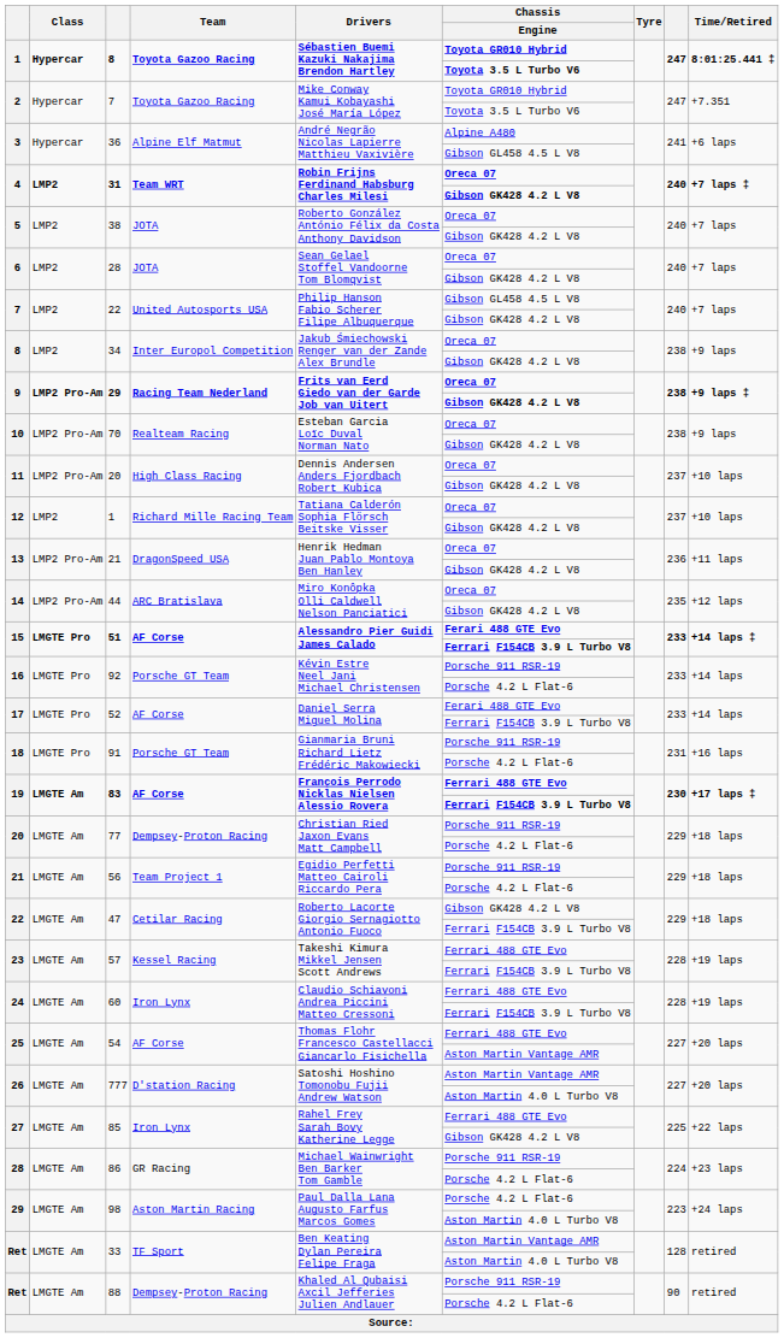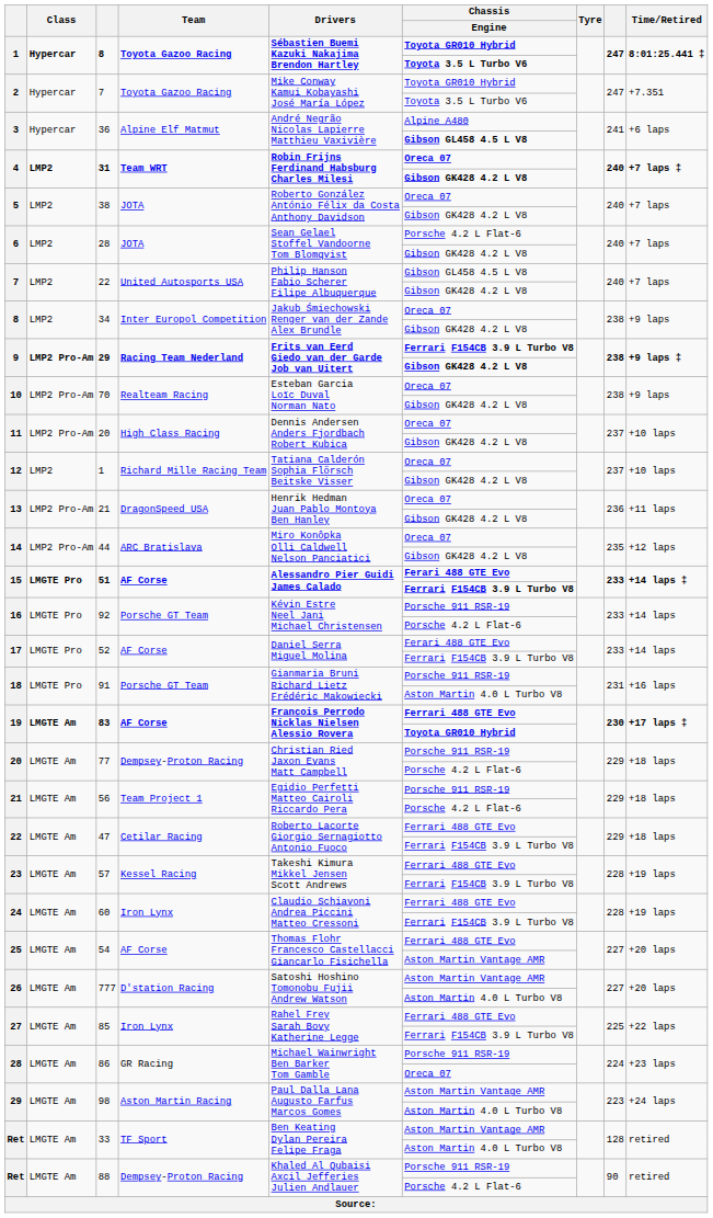 <table class="wikitable" style="font-size:95%;">
 <tr>
 <th rowspan=2></th>
 <th rowspan=2>Class</th>
 <th rowspan=2></th>
 <th rowspan=2>Team</th>
 <th rowspan=2>Drivers</th>
 <th>Chassis</th>
 <th rowspan=2>Tyre</th>
 <th rowspan=2></th>
 <th rowspan=2>Time/Retired</th>
 </tr>
 <tr>
 <th>Engine</th>
 </tr>
 <tr>
 <th rowspan=2><strong>1</strong></th>
 <td rowspan=2><strong>Hypercar</strong></td>
 <td rowspan=2><strong>8</strong></td>
 <td rowspan=2><strong> <a href='#'>Toyota Gazoo Racing</a></strong></td>
 <td rowspan=2><strong> <a href='#'>Sébastien Buemi</a><br> <a href='#'>Kazuki Nakajima</a><br> <a href='#'>Brendon Hartley</a></strong></td>
 <td><strong><a href='#'>Toyota GR010 Hybrid</a></strong></td>
 <td rowspan=2></td>
 <td rowspan=2><strong>247</strong></td>
 <td rowspan=2><strong>8:01:25.441</strong> <strong>‡</strong></td>
 </tr>
 <tr>
 <td><strong><a href='#'>Toyota</a> 3.5 L Turbo V6</strong></td>
 </tr>
 <tr>
 <th rowspan=2>2</th>
 <td rowspan=2>Hypercar</td>
 <td rowspan=2>7</td>
 <td rowspan=2> <a href='#'>Toyota Gazoo Racing</a></td>
 <td rowspan=2> <a href='#'>Mike Conway</a> <br>  <a href='#'>Kamui Kobayashi</a> <br>  <a href='#'>José María López</a></td>
 <td><a href='#'>Toyota GR010 Hybrid</a></td>
 <td rowspan=2></td>
 <td rowspan=2>247</td>
 <td rowspan=2>+7.351</td>
 </tr>
 <tr>
 <td><a href='#'>Toyota</a> 3.5 L Turbo V6</td>
 </tr>
 <tr>
 <th rowspan=2>3</th>
 <td rowspan=2>Hypercar</td>
 <td rowspan=2>36</td>
 <td rowspan=2> <a href='#'>Alpine Elf Matmut</a></td>
 <td rowspan=2> <a href='#'>André Negrão</a> <br>  <a href='#'>Nicolas Lapierre</a> <br>  <a href='#'>Matthieu Vaxivière</a></td>
 <td><a href='#'>Alpine A480</a></td>
 <td rowspan=2></td>
 <td rowspan=2>241</td>
 <td rowspan=2>+6 laps</td>
 </tr>
 <tr>
-<td><a href='#'>Gibson</a> GL458 4.5 L V8</td>
+<td><strong><a href='#'>Gibson</a> GL458 4.5 L V8</strong></td>
 </tr>
 <tr>
 <th rowspan=2>4</th>
 <td rowspan=2><strong>LMP2</strong></td>
 <td rowspan=2><strong>31</strong></td>
 <td rowspan=2> <strong><a href='#'>Team WRT</a></strong></td>
 <td rowspan=2> <strong><a href='#'>Robin Frijns</a> <br>  <a href='#'>Ferdinand Habsburg</a> <br>  <a href='#'>Charles Milesi</a></strong></td>
 <td><strong><a href='#'>Oreca 07</a></strong></td>
 <td rowspan=2></td>
 <td rowspan=2><strong>240</strong></td>
 <td rowspan=2><strong>+7 laps</strong> <strong>‡</strong></td>
 </tr>
 <tr>
 <td><strong><a href='#'>Gibson</a> GK428 4.2 L V8</strong></td>
 </tr>
 <tr>
 <th rowspan=2>5</th>
 <td rowspan=2>LMP2</td>
 <td rowspan=2>38</td>
 <td rowspan=2> <a href='#'>JOTA</a></td>
 <td rowspan=2> <a href='#'>Roberto González</a> <br>  <a href='#'>António Félix da Costa</a> <br>  <a href='#'>Anthony Davidson</a></td>
 <td><a href='#'>Oreca 07</a></td>
 <td rowspan=2></td>
 <td rowspan=2>240</td>
 <td rowspan=2>+7 laps</td>
 </tr>
 <tr>
 <td><a href='#'>Gibson</a> GK428 4.2 L V8</td>
 </tr>
 <tr>
 <th rowspan=2>6</th>
 <td rowspan=2>LMP2</td>
 <td rowspan=2>28</td>
 <td rowspan=2> <a href='#'>JOTA</a></td>
 <td rowspan=2> <a href='#'>Sean Gelael</a> <br>  <a href='#'>Stoffel Vandoorne</a> <br>  <a href='#'>Tom Blomqvist</a></td>
-<td><a href='#'>Oreca 07</a></td>
+<td><a href='#'>Porsche</a> 4.2 L Flat-6</td>
 <td rowspan=2></td>
 <td rowspan=2>240</td>
 <td rowspan=2>+7 laps</td>
 </tr>
 <tr>
 <td><a href='#'>Gibson</a> GK428 4.2 L V8</td>
 </tr>
 <tr>
 <th rowspan=2>7</th>
 <td rowspan=2>LMP2</td>
 <td rowspan=2>22</td>
 <td rowspan=2> <a href='#'>United Autosports USA</a></td>
 <td rowspan=2> <a href='#'>Philip Hanson</a> <br>  <a href='#'>Fabio Scherer</a> <br>  <a href='#'>Filipe Albuquerque</a></td>
 <td><a href='#'>Gibson</a> GL458 4.5 L V8</td>
 <td rowspan=2></td>
 <td rowspan=2>240</td>
 <td rowspan=2>+7 laps</td>
 </tr>
 <tr>
 <td><a href='#'>Gibson</a> GK428 4.2 L V8</td>
 </tr>
 <tr>
 <th rowspan=2>8</th>
 <td rowspan=2>LMP2</td>
 <td rowspan=2>34</td>
 <td rowspan=2> <a href='#'>Inter Europol Competition</a></td>
 <td rowspan=2> <a href='#'>Jakub Śmiechowski</a> <br>  <a href='#'>Renger van der Zande</a> <br>  <a href='#'>Alex Brundle</a></td>
 <td><a href='#'>Oreca 07</a></td>
 <td rowspan=2></td>
 <td rowspan=2>238</td>
 <td rowspan=2>+9 laps</td>
 </tr>
 <tr>
 <td><a href='#'>Gibson</a> GK428 4.2 L V8</td>
 </tr>
 <tr>
 <th rowspan=2>9</th>
 <td rowspan=2><strong>LMP2 Pro-Am</strong></td>
 <td rowspan=2><strong>29</strong></td>
 <td rowspan=2><strong> <a href='#'>Racing Team Nederland</a></strong></td>
 <td rowspan=2><strong> <a href='#'>Frits van Eerd</a> <br>  <a href='#'>Giedo van der Garde</a> <br>  <a href='#'>Job van Uitert</a></strong></td>
-<td><strong><a href='#'>Oreca 07</a></strong></td>
+<td><strong><a href='#'>Ferrari</a> <a href='#'>F154CB</a> 3.9 L Turbo V8</strong></td>
 <td rowspan=2></td>
 <td rowspan=2><strong>238</strong></td>
 <td rowspan=2><strong>+9 laps</strong> <strong>‡</strong></td>
 </tr>
 <tr>
 <td><strong><a href='#'>Gibson</a> GK428 4.2 L V8</strong></td>
 </tr>
 <tr>
 <th rowspan=2>10</th>
 <td rowspan=2>LMP2 Pro-Am</td>
 <td rowspan=2>70</td>
 <td rowspan=2> <a href='#'>Realteam Racing</a></td>
 <td rowspan=2> Esteban Garcia <br>  <a href='#'>Loïc Duval</a> <br>  <a href='#'>Norman Nato</a></td>
 <td><a href='#'>Oreca 07</a></td>
 <td rowspan=2></td>
 <td rowspan=2>238</td>
 <td rowspan=2>+9 laps</td>
 </tr>
 <tr>
 <td><a href='#'>Gibson</a> GK428 4.2 L V8</td>
 </tr>
 <tr>
 <th rowspan=2>11</th>
 <td rowspan=2>LMP2 Pro-Am</td>
 <td rowspan=2>20</td>
 <td rowspan=2> <a href='#'>High Class Racing</a></td>
 <td rowspan=2> Dennis Andersen <br>  <a href='#'>Anders Fjordbach</a> <br>  <a href='#'>Robert Kubica</a></td>
 <td><a href='#'>Oreca 07</a></td>
 <td rowspan=2></td>
 <td rowspan=2>237</td>
 <td rowspan=2>+10 laps</td>
 </tr>
 <tr>
 <td><a href='#'>Gibson</a> GK428 4.2 L V8</td>
 </tr>
 <tr>
 <th rowspan=2>12</th>
 <td rowspan=2>LMP2</td>
 <td rowspan=2>1</td>
 <td rowspan=2> <a href='#'>Richard Mille Racing Team</a></td>
 <td rowspan=2> <a href='#'>Tatiana Calderón</a> <br>  <a href='#'>Sophia Flörsch</a> <br>  <a href='#'>Beitske Visser</a></td>
 <td><a href='#'>Oreca 07</a></td>
 <td rowspan=2></td>
 <td rowspan=2>237</td>
 <td rowspan=2>+10 laps</td>
 </tr>
 <tr>
 <td><a href='#'>Gibson</a> GK428 4.2 L V8</td>
 </tr>
 <tr>
 <th rowspan=2>13</th>
 <td rowspan=2>LMP2 Pro-Am</td>
 <td rowspan=2>21</td>
 <td rowspan=2> <a href='#'>DragonSpeed USA</a></td>
 <td rowspan=2> Henrik Hedman <br>  <a href='#'>Juan Pablo Montoya</a> <br>  <a href='#'>Ben Hanley</a></td>
 <td><a href='#'>Oreca 07</a></td>
 <td rowspan=2></td>
 <td rowspan=2>236</td>
 <td rowspan=2>+11 laps</td>
 </tr>
 <tr>
 <td><a href='#'>Gibson</a> GK428 4.2 L V8</td>
 </tr>
 <tr>
 <th rowspan=2>14</th>
 <td rowspan=2>LMP2 Pro-Am</td>
 <td rowspan=2>44</td>
 <td rowspan=2> <a href='#'>ARC Bratislava</a></td>
 <td rowspan=2> <a href='#'>Miro Konôpka</a> <br>  <a href='#'>Olli Caldwell</a> <br>  <a href='#'>Nelson Panciatici</a></td>
 <td><a href='#'>Oreca 07</a></td>
 <td rowspan=2></td>
 <td rowspan=2>235</td>
 <td rowspan=2>+12 laps</td>
 </tr>
 <tr>
 <td><a href='#'>Gibson</a> GK428 4.2 L V8</td>
 </tr>
 <tr>
 <th rowspan=2>15</th>
 <td rowspan=2><strong>LMGTE Pro</strong></td>
 <td rowspan=2><strong>51</strong></td>
 <td rowspan=2><strong> <a href='#'>AF Corse</a></strong></td>
 <td rowspan=2><strong> <a href='#'>Alessandro Pier Guidi</a> <br>  <a href='#'>James Calado</a></strong></td>
 <td><strong><a href='#'>Ferari 488 GTE Evo</a></strong></td>
 <td rowspan=2></td>
 <td rowspan=2><strong>233</strong></td>
 <td rowspan=2><strong>+14 laps</strong> <strong>‡</strong></td>
 </tr>
 <tr>
 <td><strong><a href='#'>Ferrari</a> <a href='#'>F154CB</a> 3.9 L Turbo V8</strong></td>
 </tr>
 <tr>
 <th rowspan=2>16</th>
 <td rowspan=2>LMGTE Pro</td>
 <td rowspan=2>92</td>
 <td rowspan=2> <a href='#'>Porsche GT Team</a></td>
 <td rowspan=2> <a href='#'>Kévin Estre</a> <br>  <a href='#'>Neel Jani</a> <br>  <a href='#'>Michael Christensen</a></td>
 <td><a href='#'>Porsche 911 RSR-19</a></td>
 <td rowspan=2></td>
 <td rowspan=2>233</td>
 <td rowspan=2>+14 laps</td>
 </tr>
 <tr>
 <td><a href='#'>Porsche</a> 4.2 L Flat-6</td>
 </tr>
 <tr>
 <th rowspan=2>17</th>
 <td rowspan=2>LMGTE Pro</td>
 <td rowspan=2>52</td>
 <td rowspan=2> <a href='#'>AF Corse</a></td>
 <td rowspan=2> <a href='#'>Daniel Serra</a> <br>  <a href='#'>Miguel Molina</a></td>
 <td><a href='#'>Ferari 488 GTE Evo</a></td>
 <td rowspan=2></td>
 <td rowspan=2>233</td>
 <td rowspan=2>+14 laps</td>
 </tr>
 <tr>
 <td><a href='#'>Ferrari</a> <a href='#'>F154CB</a> 3.9 L Turbo V8</td>
 </tr>
 <tr>
 <th rowspan=2>18</th>
 <td rowspan=2>LMGTE Pro</td>
 <td rowspan=2>91</td>
 <td rowspan=2> <a href='#'>Porsche GT Team</a></td>
 <td rowspan=2> <a href='#'>Gianmaria Bruni</a> <br>  <a href='#'>Richard Lietz</a> <br>  <a href='#'>Frédéric Makowiecki</a></td>
 <td><a href='#'>Porsche 911 RSR-19</a></td>
 <td rowspan=2></td>
 <td rowspan=2>231</td>
 <td rowspan=2>+16 laps</td>
 </tr>
 <tr>
-<td><a href='#'>Porsche</a> 4.2 L Flat-6</td>
+<td><a href='#'>Aston Martin</a> 4.0 L Turbo V8</td>
 </tr>
 <tr>
 <th rowspan=2>19</th>
 <td rowspan=2><strong>LMGTE Am</strong></td>
 <td rowspan=2><strong>83</strong></td>
 <td rowspan=2><strong> <a href='#'>AF Corse</a></strong></td>
 <td rowspan=2><strong> <a href='#'>François Perrodo</a> <br>  <a href='#'>Nicklas Nielsen</a> <br>  <a href='#'>Alessio Rovera</a></strong></td>
 <td><strong><a href='#'>Ferrari 488 GTE Evo</a></strong></td>
 <td rowspan=2></td>
 <td rowspan=2><strong>230</strong></td>
 <td rowspan=2><strong>+17 laps</strong> <strong>‡</strong></td>
 </tr>
 <tr>
-<td><strong><a href='#'>Ferrari</a> <a href='#'>F154CB</a> 3.9 L Turbo V8</strong></td>
+<td><strong><a href='#'>Toyota GR010 Hybrid</a></strong></td>
 </tr>
 <tr>
 <th rowspan=2>20</th>
 <td rowspan=2>LMGTE Am</td>
 <td rowspan=2>77</td>
 <td rowspan=2> <a href='#'>Dempsey</a>-<a href='#'>Proton Racing</a></td>
 <td rowspan=2> <a href='#'>Christian Ried</a> <br>  <a href='#'>Jaxon Evans</a> <br>  <a href='#'>Matt Campbell</a></td>
 <td><a href='#'>Porsche 911 RSR-19</a></td>
 <td rowspan=2></td>
 <td rowspan=2>229</td>
 <td rowspan=2>+18 laps</td>
 </tr>
 <tr>
 <td><a href='#'>Porsche</a> 4.2 L Flat-6</td>
 </tr>
 <tr>
 <th rowspan=2>21</th>
 <td rowspan=2>LMGTE Am</td>
 <td rowspan=2>56</td>
 <td rowspan=2> <a href='#'>Team Project 1</a></td>
 <td rowspan=2> <a href='#'>Egidio Perfetti</a> <br>  <a href='#'>Matteo Cairoli</a> <br>  <a href='#'>Riccardo Pera</a></td>
 <td><a href='#'>Porsche 911 RSR-19</a></td>
 <td rowspan=2></td>
 <td rowspan=2>229</td>
 <td rowspan=2>+18 laps</td>
 </tr>
 <tr>
 <td><a href='#'>Porsche</a> 4.2 L Flat-6</td>
 </tr>
 <tr>
 <th rowspan=2>22</th>
 <td rowspan=2>LMGTE Am</td>
 <td rowspan=2>47</td>
 <td rowspan=2> <a href='#'>Cetilar Racing</a></td>
 <td rowspan=2> <a href='#'>Roberto Lacorte</a> <br>  <a href='#'>Giorgio Sernagiotto</a> <br>  <a href='#'>Antonio Fuoco</a></td>
-<td><a href='#'>Gibson</a> GK428 4.2 L V8</td>
+<td><a href='#'>Ferrari 488 GTE Evo</a></td>
 <td rowspan=2></td>
 <td rowspan=2>229</td>
 <td rowspan=2>+18 laps</td>
 </tr>
 <tr>
 <td><a href='#'>Ferrari</a> <a href='#'>F154CB</a> 3.9 L Turbo V8</td>
 </tr>
 <tr>
 <th rowspan=2>23</th>
 <td rowspan=2>LMGTE Am</td>
 <td rowspan=2>57</td>
 <td rowspan=2> <a href='#'>Kessel Racing</a></td>
 <td rowspan=2> Takeshi Kimura <br>  <a href='#'>Mikkel Jensen</a> <br>  Scott Andrews</td>
 <td><a href='#'>Ferrari 488 GTE Evo</a></td>
 <td rowspan=2></td>
 <td rowspan=2>228</td>
 <td rowspan=2>+19 laps</td>
 </tr>
 <tr>
 <td><a href='#'>Ferrari</a> <a href='#'>F154CB</a> 3.9 L Turbo V8</td>
 </tr>
 <tr>
 <th rowspan=2>24</th>
 <td rowspan=2>LMGTE Am</td>
 <td rowspan=2>60</td>
 <td rowspan=2> <a href='#'>Iron Lynx</a></td>
 <td rowspan=2> <a href='#'>Claudio Schiavoni</a> <br>  <a href='#'>Andrea Piccini</a> <br>  <a href='#'>Matteo Cressoni</a></td>
 <td><a href='#'>Ferrari 488 GTE Evo</a></td>
 <td rowspan=2></td>
 <td rowspan=2>228</td>
 <td rowspan=2>+19 laps</td>
 </tr>
 <tr>
 <td><a href='#'>Ferrari</a> <a href='#'>F154CB</a> 3.9 L Turbo V8</td>
 </tr>
 <tr>
 <th rowspan=2>25</th>
 <td rowspan=2>LMGTE Am</td>
 <td rowspan=2>54</td>
 <td rowspan=2> <a href='#'>AF Corse</a></td>
 <td rowspan=2> <a href='#'>Thomas Flohr</a> <br>  <a href='#'>Francesco Castellacci</a> <br>  <a href='#'>Giancarlo Fisichella</a></td>
 <td><a href='#'>Ferrari 488 GTE Evo</a></td>
 <td rowspan=2></td>
 <td rowspan=2>227</td>
 <td rowspan=2>+20 laps</td>
 </tr>
 <tr>
 <td><a href='#'>Aston Martin Vantage AMR</a></td>
 </tr>
 <tr>
 <th rowspan=2>26</th>
 <td rowspan=2>LMGTE Am</td>
 <td rowspan=2>777</td>
 <td rowspan=2> <a href='#'>D'station Racing</a></td>
 <td rowspan=2> Satoshi Hoshino <br>  <a href='#'>Tomonobu Fujii</a> <br>  <a href='#'>Andrew Watson</a></td>
 <td><a href='#'>Aston Martin Vantage AMR</a></td>
 <td rowspan=2></td>
 <td rowspan=2>227</td>
 <td rowspan=2>+20 laps</td>
 </tr>
 <tr>
 <td><a href='#'>Aston Martin</a> 4.0 L Turbo V8</td>
 </tr>
 <tr>
 <th rowspan=2>27</th>
 <td rowspan=2>LMGTE Am</td>
 <td rowspan=2>85</td>
 <td rowspan=2> <a href='#'>Iron Lynx</a></td>
 <td rowspan=2> <a href='#'>Rahel Frey</a> <br>  <a href='#'>Sarah Bovy</a> <br>  <a href='#'>Katherine Legge</a></td>
 <td><a href='#'>Ferrari 488 GTE Evo</a></td>
 <td rowspan=2></td>
 <td rowspan=2>225</td>
 <td rowspan=2>+22 laps</td>
 </tr>
 <tr>
-<td><a href='#'>Gibson</a> GK428 4.2 L V8</td>
+<td><a href='#'>Ferrari</a> <a href='#'>F154CB</a> 3.9 L Turbo V8</td>
 </tr>
 <tr>
 <th rowspan=2>28</th>
 <td rowspan=2>LMGTE Am</td>
 <td rowspan=2>86</td>
 <td rowspan=2> GR Racing</td>
 <td rowspan=2> <a href='#'>Michael Wainwright</a> <br>  <a href='#'>Ben Barker</a> <br>  <a href='#'>Tom Gamble</a></td>
 <td><a href='#'>Porsche 911 RSR-19</a></td>
 <td rowspan=2></td>
 <td rowspan=2>224</td>
 <td rowspan=2>+23 laps</td>
 </tr>
 <tr>
-<td><a href='#'>Porsche</a> 4.2 L Flat-6</td>
+<td><a href='#'>Oreca 07</a></td>
 </tr>
 <tr>
 <th rowspan=2>29</th>
 <td rowspan=2>LMGTE Am</td>
 <td rowspan=2>98</td>
 <td rowspan=2> <a href='#'>Aston Martin Racing</a></td>
 <td rowspan=2> <a href='#'>Paul Dalla Lana</a> <br>  <a href='#'>Augusto Farfus</a> <br>  <a href='#'>Marcos Gomes</a></td>
-<td><a href='#'>Porsche</a> 4.2 L Flat-6</td>
+<td><a href='#'>Aston Martin Vantage AMR</a></td>
 <td rowspan=2></td>
 <td rowspan=2>223</td>
 <td rowspan=2>+24 laps</td>
 </tr>
 <tr>
 <td><a href='#'>Aston Martin</a> 4.0 L Turbo V8</td>
 </tr>
 <tr>
 <th rowspan=2>Ret</th>
 <td rowspan=2>LMGTE Am</td>
 <td rowspan=2>33</td>
 <td rowspan=2> <a href='#'>TF Sport</a></td>
 <td rowspan=2> <a href='#'>Ben Keating</a> <br>  <a href='#'>Dylan Pereira</a> <br>  <a href='#'>Felipe Fraga</a></td>
 <td><a href='#'>Aston Martin Vantage AMR</a></td>
 <td rowspan=2></td>
 <td rowspan=2>128</td>
 <td rowspan=2>retired</td>
 </tr>
 <tr>
 <td><a href='#'>Aston Martin</a> 4.0 L Turbo V8</td>
 </tr>
 <tr>
 <th rowspan=2>Ret</th>
 <td rowspan=2>LMGTE Am</td>
 <td rowspan=2>88</td>
 <td rowspan=2> <a href='#'>Dempsey</a>-<a href='#'>Proton Racing</a></td>
 <td rowspan=2> <a href='#'>Khaled Al Qubaisi</a>  <br>  <a href='#'>Axcil Jefferies</a> <br>  <a href='#'>Julien Andlauer</a></td>
 <td><a href='#'>Porsche 911 RSR-19</a></td>
 <td rowspan=2></td>
 <td rowspan=2>90</td>
 <td rowspan=2>retired</td>
 </tr>
 <tr>
 <td><a href='#'>Porsche</a> 4.2 L Flat-6</td>
 </tr>
 <tr>
 <th colspan="9">Source:</th>
 </tr>
 </table>
